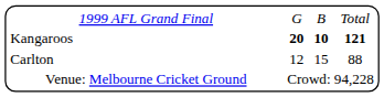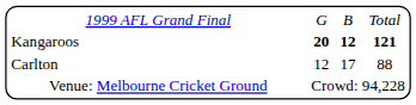 <table style="margin-right:4px; margin-top:8px; float:right; border:1px #000000 solid; border-radius:8px; background:#FFFFFF; font-family:Verdana; font-size:8pt; text-align:center;">
 <tr>
 <td width=200><em><a href='#'>1999 AFL Grand Final</a></em></td>
 <td><em>G</em></td>
 <td><em>B</em></td>
 <td><em>Total</em></td>
 </tr>
 <tr>
 <td style="text-align:left"> Kangaroos</td>
 <td><strong>20</strong></td>
-<td><strong>10</strong></td>
+<td><strong>12</strong></td>
 <td><strong>121</strong></td>
 </tr>
 <tr>
 <td style="text-align:left"> Carlton</td>
 <td>12</td>
-<td>15</td>
+<td>17</td>
 <td>88</td>
 </tr>
 <tr>
 <td>Venue: <a href='#'>Melbourne Cricket Ground</a></td>
 <td colspan="3">Crowd: 94,228</td>
 </tr>
 </table>
